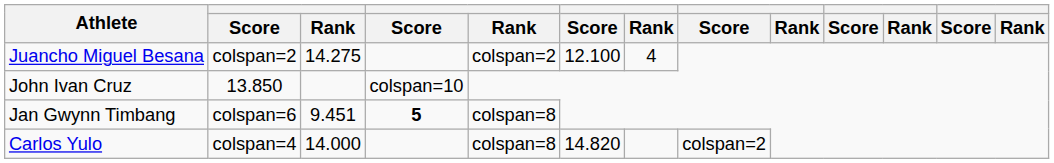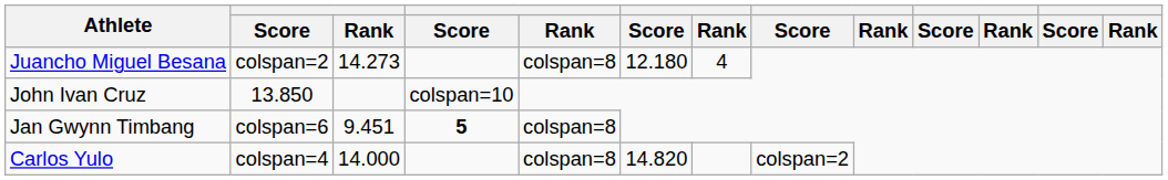 <table class="wikitable" style="font-size: 90%">
 <tr>
 <th rowspan=2>Athlete</th>
 <th colspan=2></th>
 <th colspan=2></th>
 <th colspan=2></th>
 <th colspan=2></th>
 <th colspan=2></th>
 <th colspan=2></th>
 </tr>
 <tr>
 <th>Score</th>
 <th>Rank</th>
 <th>Score</th>
 <th>Rank</th>
 <th>Score</th>
 <th>Rank</th>
 <th>Score</th>
 <th>Rank</th>
 <th>Score</th>
 <th>Rank</th>
 <th>Score</th>
 <th>Rank</th>
 </tr>
 <tr>
 <td><a href='#'>Juancho Miguel Besana</a></td>
 <td>colspan=2 </td>
-<td align=center>14.275</td>
+<td align=center>14.273</td>
 <td align=center></td>
-<td>colspan=2 </td>
-<td align=center>12.100</td>
+<td>colspan=8 </td>
+<td align=center>12.180</td>
 <td align=center>4</td>
 </tr>
 <tr>
 <td>John Ivan Cruz</td>
 <td align=center>13.850</td>
 <td align=center></td>
 <td>colspan=10 </td>
 </tr>
 <tr>
 <td>Jan Gwynn Timbang</td>
 <td>colspan=6 </td>
 <td align=center>9.451</td>
 <td align=center><strong>5</strong></td>
 <td>colspan=8 </td>
 </tr>
 <tr>
 <td><a href='#'>Carlos Yulo</a></td>
 <td>colspan=4 </td>
 <td align=center>14.000</td>
 <td align=center></td>
 <td>colspan=8 </td>
 <td>14.820</td>
 <td align=center></td>
 <td>colspan=2 </td>
 </tr>
 </table>
